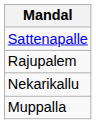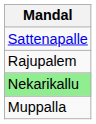 <table class="wikitable sortable static-row-numbers static-row-header-hash">
 <tr>
 <th>Mandal</th>
 </tr>
 <tr>
 <td><a href='#'>Sattenapalle</a></td>
 </tr>
 <tr>
 <td>Rajupalem</td>
 </tr>
 <tr>
-<td>Nekarikallu</td>
+<td style="background: lightgreen;">Nekarikallu</td>
 </tr>
 <tr>
 <td>Muppalla</td>
 </tr>
 </table>
